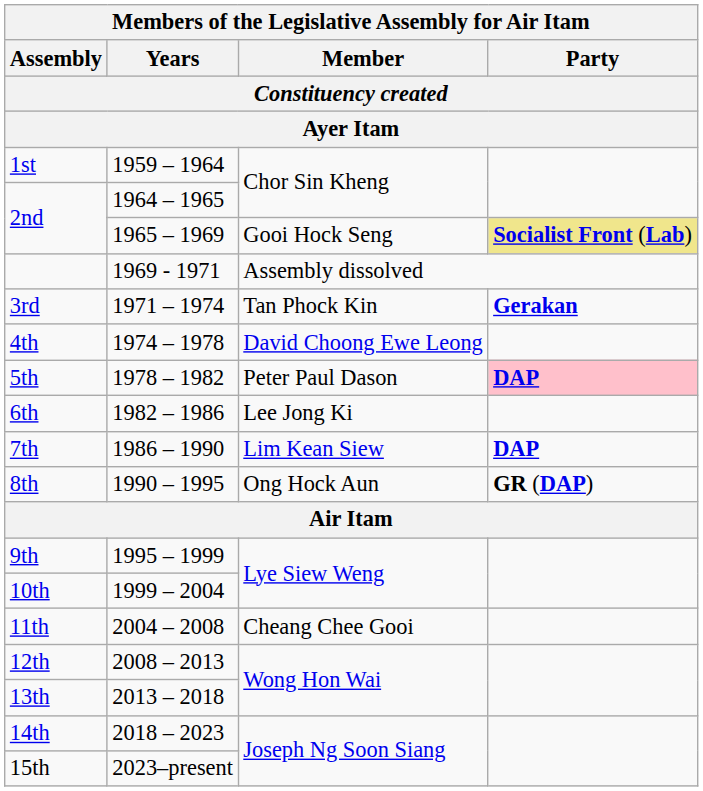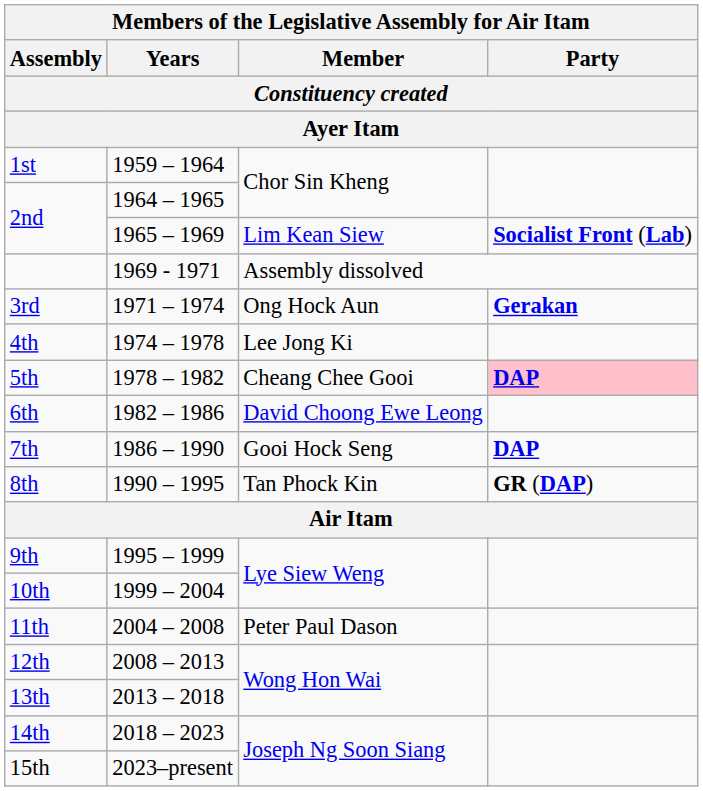 <table class="wikitable">
 <tr>
 <th colspan="4">Members of the Legislative Assembly for Air Itam</th>
 </tr>
 <tr>
 <th>Assembly</th>
 <th>Years</th>
 <th>Member</th>
 <th>Party</th>
 </tr>
 <tr>
 <th colspan="4" align="center"><em>Constituency created</em></th>
 </tr>
 <tr>
 <th colspan="4" align="center">Ayer Itam</th>
 </tr>
 <tr>
 <td><a href='#'>1st</a></td>
 <td>1959 – 1964</td>
 <td rowspan="2">Chor Sin Kheng</td>
 <td rowspan="2"></td>
 </tr>
 <tr>
 <td rowspan="2"><a href='#'>2nd</a></td>
 <td>1964 – 1965</td>
 </tr>
 <tr>
 <td>1965 – 1969</td>
-<td>Gooi Hock Seng</td>
-<td style="background: khaki;"><strong><a href='#'>Socialist Front</a></strong> (<strong><a href='#'>Lab</a></strong>)</td>
+<td><a href='#'>Lim Kean Siew</a></td>
+<td><strong><a href='#'>Socialist Front</a></strong> (<strong><a href='#'>Lab</a></strong>)</td>
 </tr>
 <tr>
 <td></td>
 <td>1969 - 1971</td>
 <td colspan="2">Assembly dissolved</td>
 </tr>
 <tr>
 <td><a href='#'>3rd</a></td>
 <td>1971 – 1974</td>
-<td>Tan Phock Kin</td>
+<td>Ong Hock Aun</td>
 <td><strong><a href='#'>Gerakan</a></strong></td>
 </tr>
 <tr>
 <td><a href='#'>4th</a></td>
 <td>1974 – 1978</td>
-<td><a href='#'>David Choong Ewe Leong</a></td>
+<td>Lee Jong Ki</td>
 <td></td>
 </tr>
 <tr>
 <td><a href='#'>5th</a></td>
 <td>1978 – 1982</td>
-<td>Peter Paul Dason</td>
+<td>Cheang Chee Gooi</td>
 <td style="background: pink;"><strong><a href='#'>DAP</a></strong></td>
 </tr>
 <tr>
 <td><a href='#'>6th</a></td>
 <td>1982 – 1986</td>
-<td>Lee Jong Ki</td>
+<td><a href='#'>David Choong Ewe Leong</a></td>
 <td></td>
 </tr>
 <tr>
 <td><a href='#'>7th</a></td>
 <td>1986 – 1990</td>
-<td><a href='#'>Lim Kean Siew</a></td>
+<td>Gooi Hock Seng</td>
 <td><strong><a href='#'>DAP</a></strong></td>
 </tr>
 <tr>
 <td><a href='#'>8th</a></td>
 <td>1990 – 1995</td>
-<td>Ong Hock Aun</td>
+<td>Tan Phock Kin</td>
 <td><strong>GR</strong> (<strong><a href='#'>DAP</a></strong>)</td>
 </tr>
 <tr>
 <th colspan=4 align=center>Air Itam</th>
 </tr>
 <tr>
 <td><a href='#'>9th</a></td>
 <td>1995 – 1999</td>
 <td rowspan="2"><a href='#'>Lye Siew Weng</a></td>
 <td rowspan="2"></td>
 </tr>
 <tr>
 <td><a href='#'>10th</a></td>
 <td>1999 – 2004</td>
 </tr>
 <tr>
 <td><a href='#'>11th</a></td>
 <td>2004 – 2008</td>
-<td>Cheang Chee Gooi</td>
+<td>Peter Paul Dason</td>
 <td></td>
 </tr>
 <tr>
 <td><a href='#'>12th</a></td>
 <td>2008 – 2013</td>
 <td rowspan="2"><a href='#'>Wong Hon Wai</a></td>
 <td rowspan="2"></td>
 </tr>
 <tr>
 <td><a href='#'>13th</a></td>
 <td>2013 – 2018</td>
 </tr>
 <tr>
 <td><a href='#'>14th</a></td>
 <td>2018 – 2023</td>
 <td rowspan=2><a href='#'>Joseph Ng Soon Siang</a></td>
 <td rowspan=2></td>
 </tr>
 <tr>
 <td>15th</td>
 <td>2023–present</td>
 </tr>
 </table>
